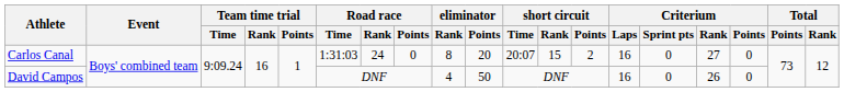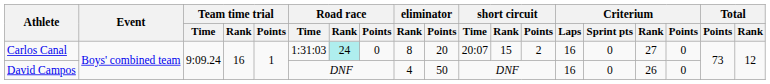 <table class="wikitable" style="text-align:center; font-size:90%;">
 <tr>
 <th rowspan="2">Athlete</th>
 <th rowspan="2">Event</th>
 <th colspan="3">Team time trial</th>
 <th colspan="3">Road race</th>
 <th colspan="2"> eliminator</th>
 <th colspan="3"> short circuit</th>
 <th colspan="4">Criterium</th>
 <th colspan="2">Total</th>
 </tr>
 <tr style="font-size:95%;">
 <th>Time</th>
 <th>Rank</th>
 <th>Points</th>
 <th>Time</th>
 <th>Rank</th>
 <th>Points</th>
 <th>Rank</th>
 <th>Points</th>
 <th>Time</th>
 <th>Rank</th>
 <th>Points</th>
 <th>Laps</th>
 <th>Sprint pts</th>
 <th>Rank</th>
 <th>Points</th>
 <th>Points</th>
 <th>Rank</th>
 </tr>
 <tr>
 <td align=left><a href='#'>Carlos Canal</a></td>
 <td rowspan=2><a href='#'>Boys' combined team</a></td>
 <td rowspan=2>9:09.24</td>
 <td rowspan=2>16</td>
 <td rowspan=2>1</td>
 <td>1:31:03</td>
-<td>24</td>
+<td style="background: paleturquoise;">24</td>
 <td>0</td>
 <td>8</td>
 <td>20</td>
 <td>20:07</td>
 <td>15</td>
 <td>2</td>
 <td>16</td>
 <td>0</td>
 <td>27</td>
 <td>0</td>
 <td rowspan=2>73</td>
 <td rowspan=2>12</td>
 </tr>
 <tr>
 <td align=left><a href='#'>David Campos</a></td>
 <td colspan=3><em>DNF</em></td>
 <td>4</td>
 <td>50</td>
 <td colspan=3><em>DNF</em></td>
 <td>16</td>
 <td>0</td>
 <td>26</td>
 <td>0</td>
 </tr>
 </table>
